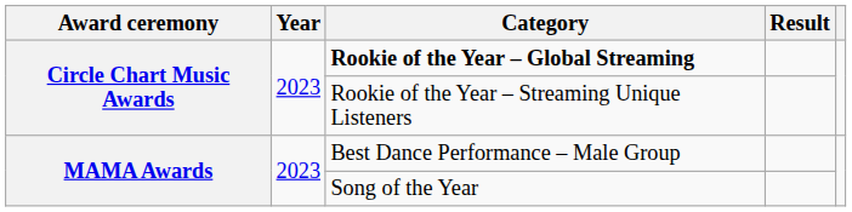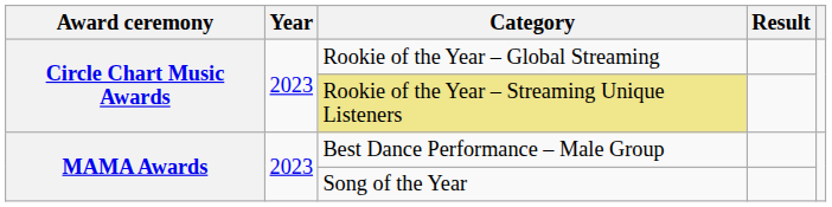 <table class="wikitable plainrowheaders sortable">
 <tr>
 <th scope="col">Award ceremony</th>
 <th scope="col">Year</th>
 <th scope="col">Category</th>
 <th scope="col">Result</th>
 <th scope="col" class="unsortable"></th>
 </tr>
 <tr>
 <th scope="row" rowspan="2"><a href='#'>Circle Chart Music Awards</a></th>
 <td rowspan="2" style="text-align:center"><a href='#'>2023</a></td>
-<td><strong>Rookie of the Year – Global Streaming</strong></td>
+<td>Rookie of the Year – Global Streaming</td>
 <td></td>
 <td rowspan="2" style="text-align:center"></td>
 </tr>
 <tr>
-<td>Rookie of the Year – Streaming Unique Listeners</td>
+<td style="background: khaki;">Rookie of the Year – Streaming Unique Listeners</td>
 <td></td>
 </tr>
 <tr>
 <th scope="row" rowspan="2"><a href='#'>MAMA Awards</a></th>
 <td rowspan="2" style="text-align:center"><a href='#'>2023</a></td>
 <td>Best Dance Performance – Male Group</td>
 <td></td>
 <td rowspan="2" style="text-align:center"></td>
 </tr>
 <tr>
 <td>Song of the Year</td>
 <td></td>
 </tr>
 </table>
